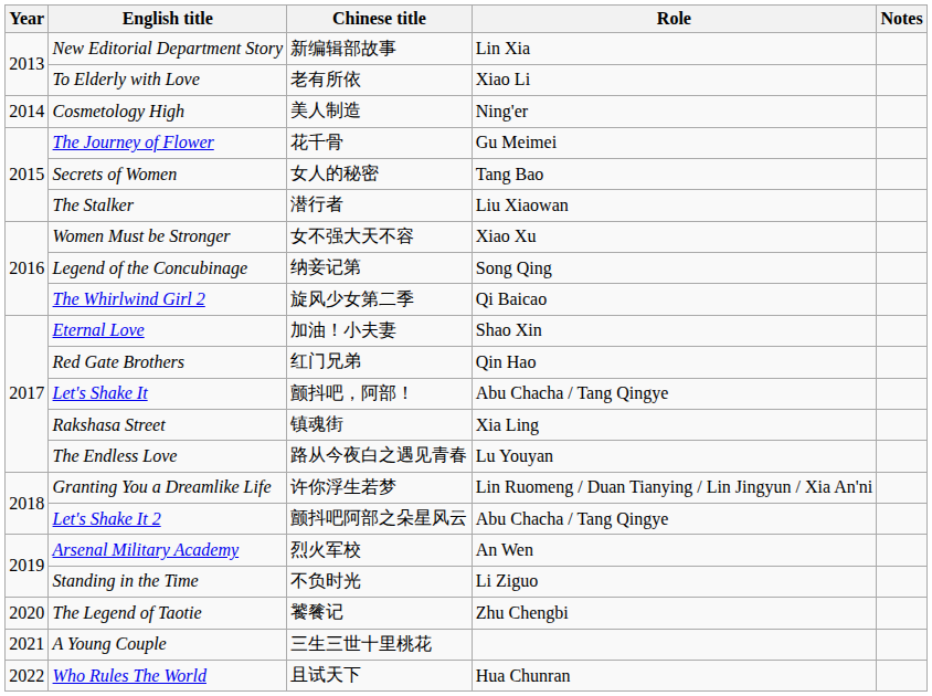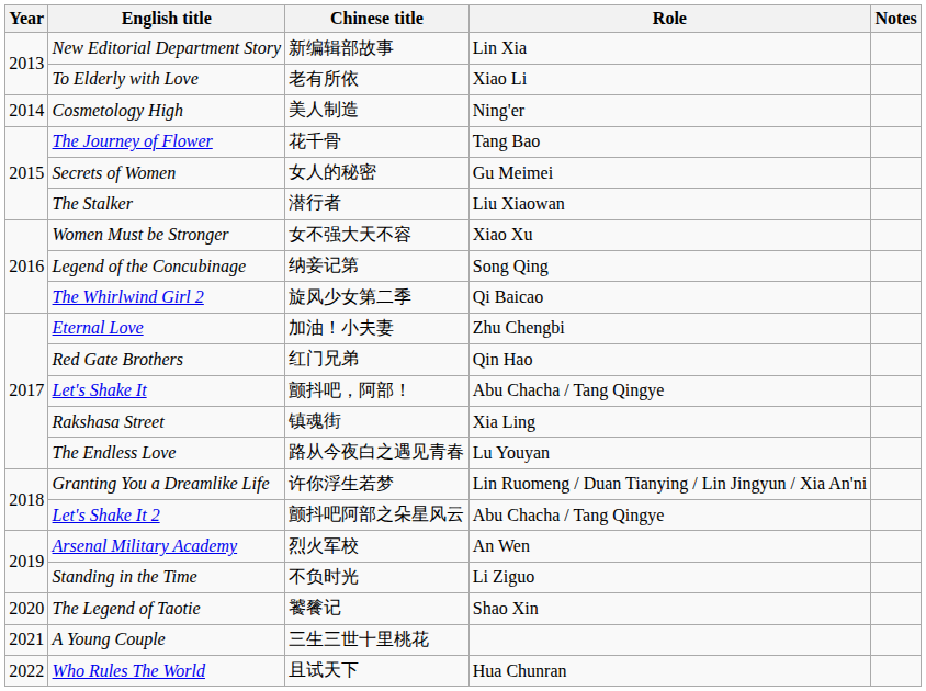 <table class="wikitable sortable">
 <tr>
 <th>Year</th>
 <th>English title</th>
 <th>Chinese title</th>
 <th>Role</th>
 <th class="unsortable">Notes</th>
 </tr>
 <tr>
 <td rowspan=2>2013</td>
 <td><em>	New Editorial Department Story	</em></td>
 <td>新编辑部故事</td>
 <td>Lin Xia</td>
 <td></td>
 </tr>
 <tr>
 <td><em>To Elderly with Love</em></td>
 <td>老有所依</td>
 <td>Xiao Li</td>
 <td></td>
 </tr>
 <tr>
 <td>2014</td>
 <td><em>Cosmetology High</em></td>
 <td>美人制造</td>
 <td>Ning'er</td>
 <td></td>
 </tr>
 <tr>
 <td rowspan=3>2015</td>
 <td><em><a href='#'>The Journey of Flower</a></em></td>
 <td>花千骨</td>
-<td>Gu Meimei</td>
+<td>Tang Bao</td>
 <td></td>
 </tr>
 <tr>
 <td><em>Secrets of Women</em></td>
 <td>女人的秘密</td>
-<td>Tang Bao</td>
+<td>Gu Meimei</td>
 <td></td>
 </tr>
 <tr>
 <td><em>The Stalker</em></td>
 <td>潜行者</td>
 <td>Liu Xiaowan</td>
 <td></td>
 </tr>
 <tr>
 <td rowspan=3>2016</td>
 <td><em>Women Must be Stronger</em></td>
 <td>女不强大天不容</td>
 <td>Xiao Xu</td>
 <td></td>
 </tr>
 <tr>
 <td><em>Legend of the Concubinage</em></td>
 <td>纳妾记第</td>
 <td>Song Qing</td>
 <td></td>
 </tr>
 <tr>
 <td><em><a href='#'>The Whirlwind Girl 2</a></em></td>
 <td>旋风少女第二季</td>
 <td>Qi Baicao</td>
 <td></td>
 </tr>
 <tr>
 <td rowspan=5>2017</td>
 <td><em><a href='#'>Eternal Love</a></em></td>
 <td>加油！小夫妻</td>
-<td>Shao Xin</td>
+<td>Zhu Chengbi</td>
 <td></td>
 </tr>
 <tr>
 <td><em>Red Gate Brothers</em></td>
 <td>红门兄弟</td>
 <td>Qin Hao</td>
 <td></td>
 </tr>
 <tr>
 <td><em><a href='#'>Let's Shake It</a></em></td>
 <td>颤抖吧，阿部！</td>
 <td>Abu Chacha / Tang Qingye</td>
 <td></td>
 </tr>
 <tr>
 <td><em>Rakshasa Street</em></td>
 <td>镇魂街</td>
 <td>Xia Ling</td>
 <td></td>
 </tr>
 <tr>
 <td><em>The Endless Love</em></td>
 <td>路从今夜白之遇见青春</td>
 <td>Lu Youyan</td>
 <td></td>
 </tr>
 <tr>
 <td rowspan=2>2018</td>
 <td><em>Granting You a Dreamlike Life</em></td>
 <td>许你浮生若梦</td>
 <td>Lin Ruomeng / Duan Tianying / Lin Jingyun / Xia An'ni</td>
 <td></td>
 </tr>
 <tr>
 <td><em><a href='#'>Let's Shake It 2</a></em></td>
 <td>颤抖吧阿部之朵星风云</td>
 <td>Abu Chacha / Tang Qingye</td>
 <td></td>
 </tr>
 <tr>
 <td rowspan=2>2019</td>
 <td><em><a href='#'>Arsenal Military Academy</a> </em></td>
 <td>烈火军校</td>
 <td>An Wen</td>
 <td></td>
 </tr>
 <tr>
 <td><em>Standing in the Time</em></td>
 <td>不负时光</td>
 <td>Li Ziguo</td>
 <td></td>
 </tr>
 <tr>
 <td>2020</td>
 <td><em>The Legend of Taotie</em></td>
 <td>饕餮记</td>
-<td>Zhu Chengbi</td>
+<td>Shao Xin</td>
 <td></td>
 </tr>
 <tr>
 <td>2021</td>
 <td><em>A Young Couple</em></td>
 <td>三生三世十里桃花</td>
 <td></td>
 <td></td>
 </tr>
 <tr>
 <td>2022</td>
 <td><em><a href='#'>Who Rules The World</a></em></td>
 <td>且试天下</td>
 <td>Hua Chunran</td>
 <td></td>
 </tr>
 </table>
